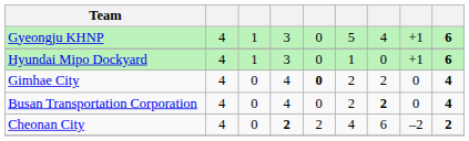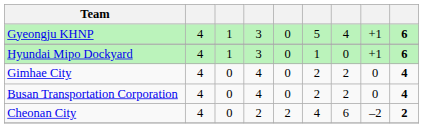 <table class="wikitable" style="text-align:center;">
 <tr>
 <th width=225>Team</th>
 <th width=30></th>
 <th width=30></th>
 <th width=30></th>
 <th width=30></th>
 <th width=30></th>
 <th width=30></th>
 <th width=30></th>
 <th width=30></th>
 </tr>
 <tr bgcolor=#bbf3bb>
 <td align=left><a href='#'>Gyeongju KHNP</a></td>
 <td>4</td>
 <td>1</td>
 <td>3</td>
 <td>0</td>
 <td>5</td>
 <td>4</td>
 <td>+1</td>
 <td><strong>6</strong></td>
 </tr>
 <tr>
 </tr>
 <tr bgcolor=#bbf3bb>
 <td align=left><a href='#'>Hyundai Mipo Dockyard</a></td>
 <td>4</td>
 <td>1</td>
 <td>3</td>
 <td>0</td>
 <td>1</td>
 <td>0</td>
 <td>+1</td>
 <td><strong>6</strong></td>
 </tr>
 <tr>
 <td align=left><a href='#'>Gimhae City</a></td>
 <td>4</td>
 <td>0</td>
 <td>4</td>
-<td><strong>0</strong></td>
+<td>0</td>
 <td>2</td>
 <td>2</td>
 <td>0</td>
 <td><strong>4</strong></td>
 </tr>
 <tr>
 <td align=left><a href='#'>Busan Transportation Corporation</a></td>
 <td>4</td>
 <td>0</td>
 <td>4</td>
 <td>0</td>
 <td>2</td>
-<td><strong>2</strong></td>
+<td>2</td>
 <td>0</td>
 <td><strong>4</strong></td>
 </tr>
 <tr>
 <td align=left><a href='#'>Cheonan City</a></td>
 <td>4</td>
 <td>0</td>
-<td><strong>2</strong></td>
+<td>2</td>
 <td>2</td>
 <td>4</td>
 <td>6</td>
 <td>–2</td>
 <td><strong>2</strong></td>
 </tr>
 <tr>
 </tr>
 </table>
